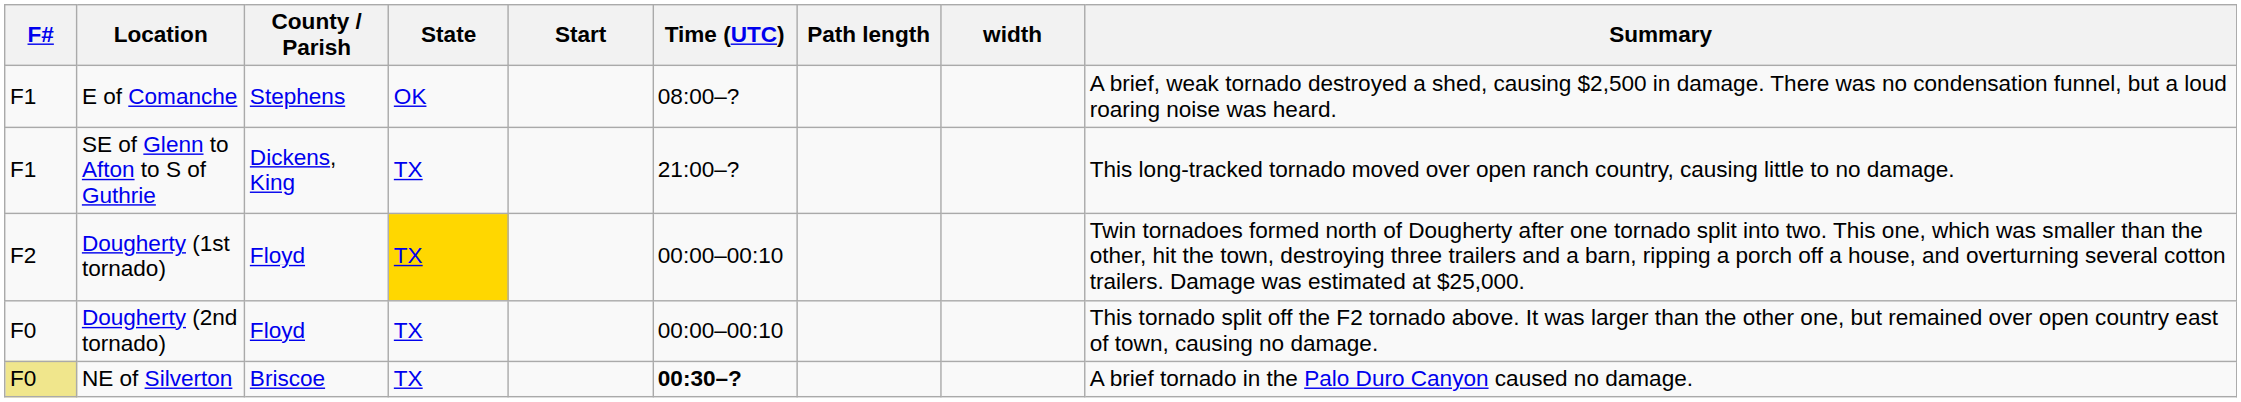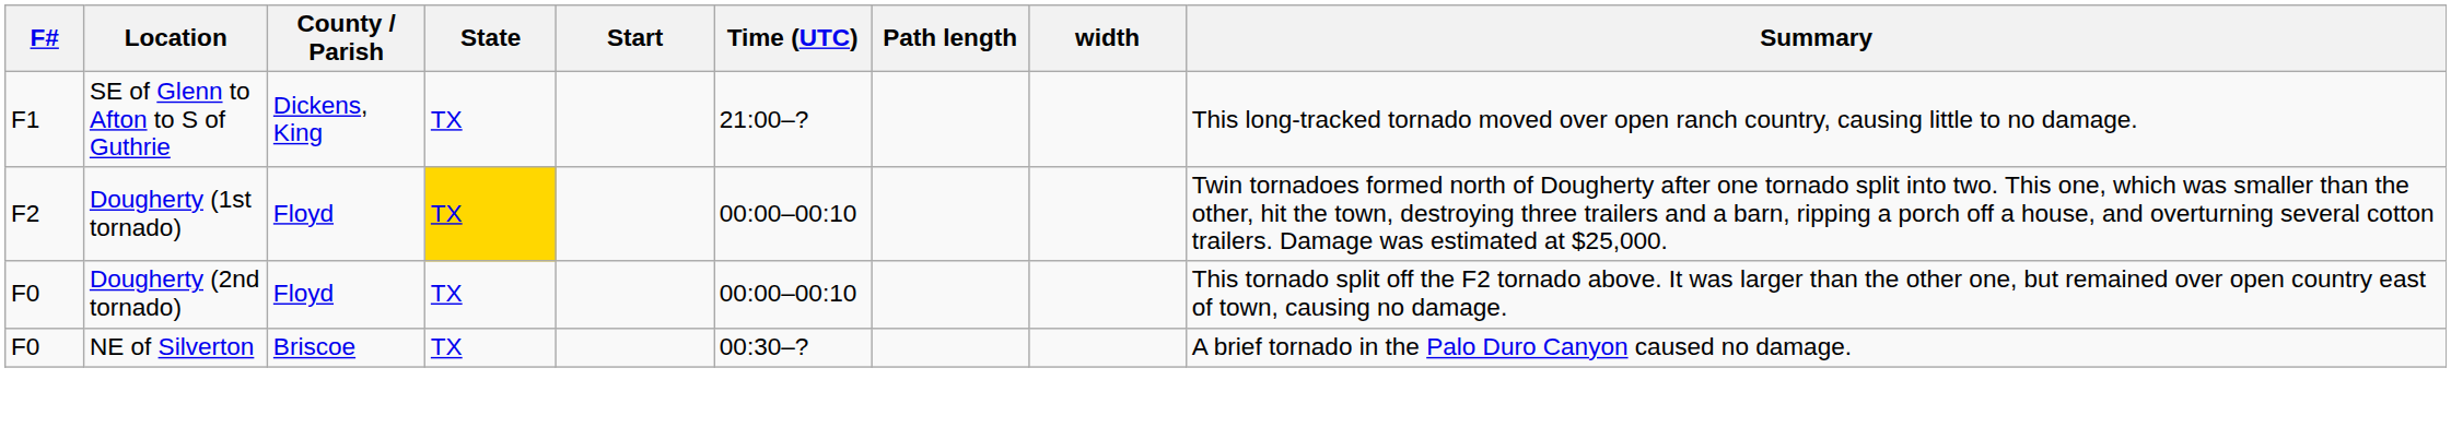 <table class="wikitable sortable" style="width:100%;">
 <tr>
 <th scope="col"  style="width:3%; text-align:center;"><a href='#'>F#</a></th>
 <th scope="col"  style="width:7%; text-align:center;" class="unsortable">Location</th>
 <th scope="col"  style="width:6%; text-align:center;" class="unsortable">County / Parish</th>
 <th scope="col"  style="width:5%; text-align:center;">State</th>
 <th scope="col"  style="width:6%; text-align:center;">Start<br></th>
 <th scope="col"  style="width:6%; text-align:center;">Time (<a href='#'>UTC</a>)</th>
 <th scope="col"  style="width:6%; text-align:center;">Path length</th>
 <th scope="col"  style="width:6%; text-align:center;"> width</th>
 <th scope="col" class="unsortable" style="width:48%; text-align:center;">Summary</th>
-</tr>
-<tr>
-<td>F1</td>
-<td>E of <a href='#'>Comanche</a></td>
-<td><a href='#'>Stephens</a></td>
-<td><a href='#'>OK</a></td>
-<td></td>
-<td>08:00–?</td>
-<td></td>
-<td></td>
-<td>A brief, weak tornado destroyed a shed, causing $2,500 in damage. There was no condensation funnel, but a loud roaring noise was heard.</td>
 </tr>
 <tr>
 <td>F1</td>
 <td>SE of <a href='#'>Glenn</a> to <a href='#'>Afton</a> to S of <a href='#'>Guthrie</a></td>
 <td><a href='#'>Dickens</a>, <a href='#'>King</a></td>
 <td><a href='#'>TX</a></td>
 <td></td>
 <td>21:00–?</td>
 <td></td>
 <td></td>
 <td>This long-tracked tornado moved over open ranch country, causing little to no damage.</td>
 </tr>
 <tr>
 <td>F2</td>
 <td><a href='#'>Dougherty</a> (1st tornado)</td>
 <td><a href='#'>Floyd</a></td>
 <td style="background: gold;"><a href='#'>TX</a></td>
 <td></td>
 <td>00:00–00:10</td>
 <td></td>
 <td></td>
 <td>Twin tornadoes formed north of Dougherty after one tornado split into two. This one, which was smaller than the other, hit the town, destroying three trailers and a barn, ripping a porch off a house, and overturning several cotton trailers. Damage was estimated at $25,000.</td>
 </tr>
 <tr>
 <td>F0</td>
 <td><a href='#'>Dougherty</a> (2nd tornado)</td>
 <td><a href='#'>Floyd</a></td>
 <td><a href='#'>TX</a></td>
 <td></td>
 <td>00:00–00:10</td>
 <td></td>
 <td></td>
 <td>This tornado split off the F2 tornado above. It was larger than the other one, but remained over open country east of town, causing no damage.</td>
 </tr>
 <tr>
-<td style="background: khaki;">F0</td>
+<td>F0</td>
 <td>NE of <a href='#'>Silverton</a></td>
 <td><a href='#'>Briscoe</a></td>
 <td><a href='#'>TX</a></td>
 <td></td>
-<td><strong>00:30–?</strong></td>
+<td>00:30–?</td>
 <td></td>
 <td></td>
 <td>A brief tornado in the <a href='#'>Palo Duro Canyon</a> caused no damage.</td>
 </tr>
 </table>
